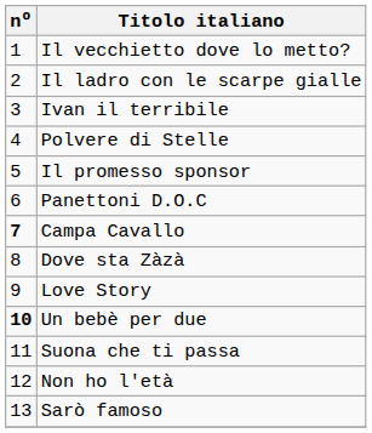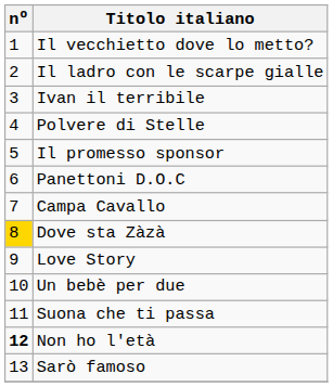 <table class="wikitable">
 <tr>
 <th>nº</th>
 <th>Titolo italiano</th>
 </tr>
 <tr>
 <td>1</td>
 <td>Il vecchietto dove lo metto?</td>
 </tr>
 <tr>
 <td>2</td>
 <td>Il ladro con le scarpe gialle</td>
 </tr>
 <tr>
 <td>3</td>
 <td>Ivan il terribile</td>
 </tr>
 <tr>
 <td>4</td>
 <td>Polvere di Stelle</td>
 </tr>
 <tr>
 <td>5</td>
 <td>Il promesso sponsor</td>
 </tr>
 <tr>
 <td>6</td>
 <td>Panettoni D.O.C</td>
 </tr>
 <tr>
-<td><strong>7</strong></td>
+<td>7</td>
 <td>Campa Cavallo</td>
 </tr>
 <tr>
-<td>8</td>
+<td style="background: gold;">8</td>
 <td>Dove sta Zàzà</td>
 </tr>
 <tr>
 <td>9</td>
 <td>Love Story</td>
 </tr>
 <tr>
-<td><strong>10</strong></td>
+<td>10</td>
 <td>Un bebè per due</td>
 </tr>
 <tr>
 <td>11</td>
 <td>Suona che ti passa</td>
 </tr>
 <tr>
-<td>12</td>
+<td><strong>12</strong></td>
 <td>Non ho l'età</td>
 </tr>
 <tr>
 <td>13</td>
 <td>Sarò famoso</td>
 </tr>
 <tr>
 </tr>
 <tr>
 </tr>
 </table>
